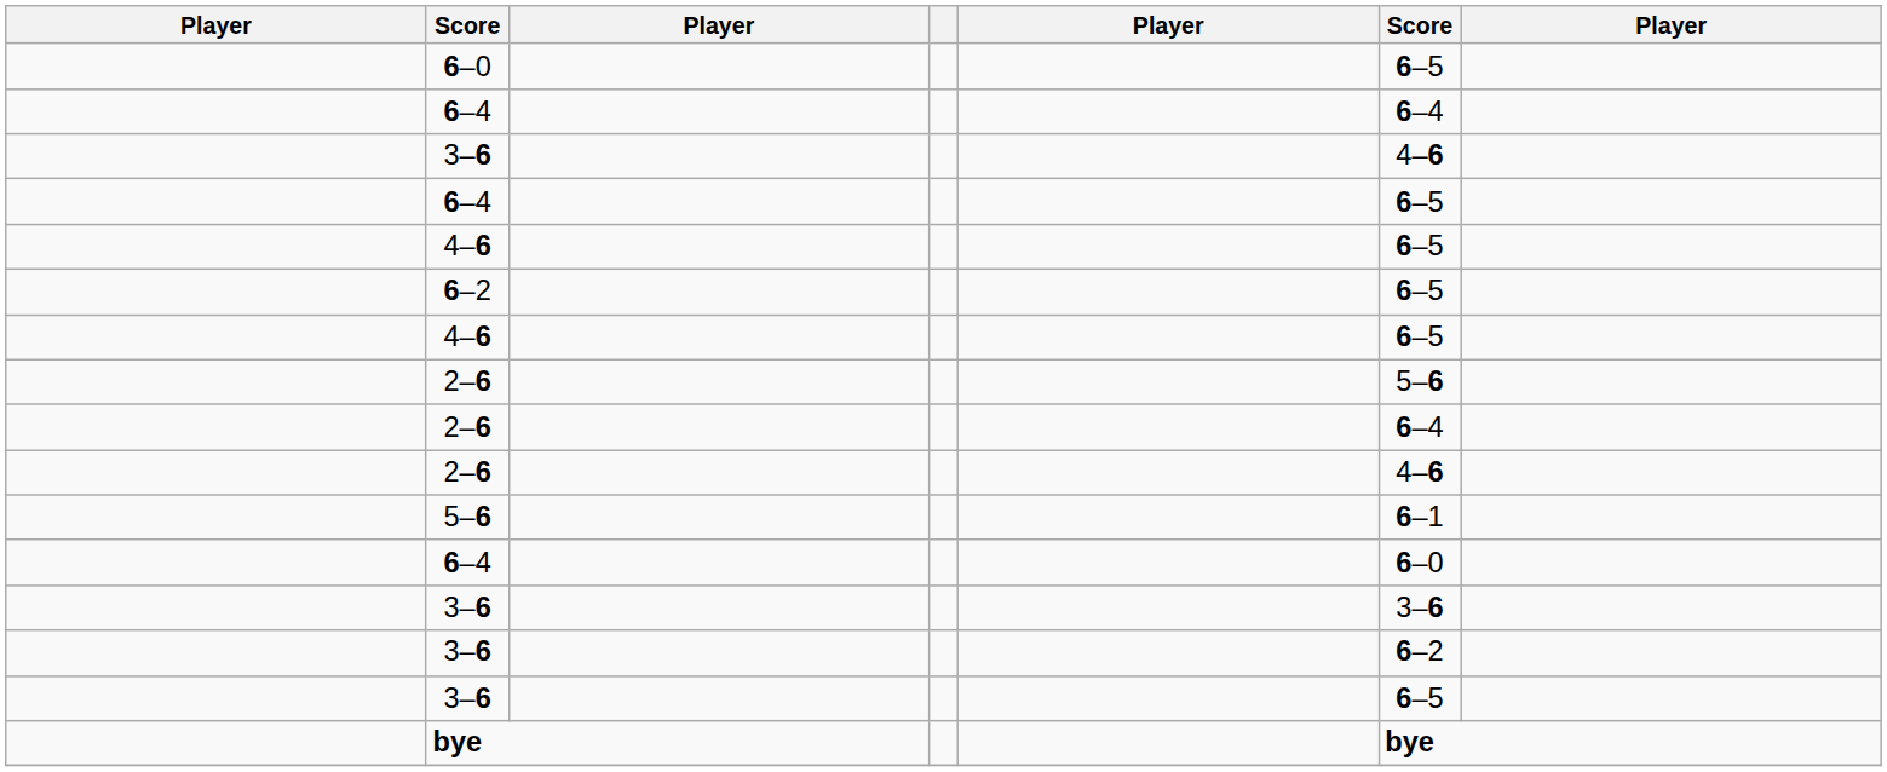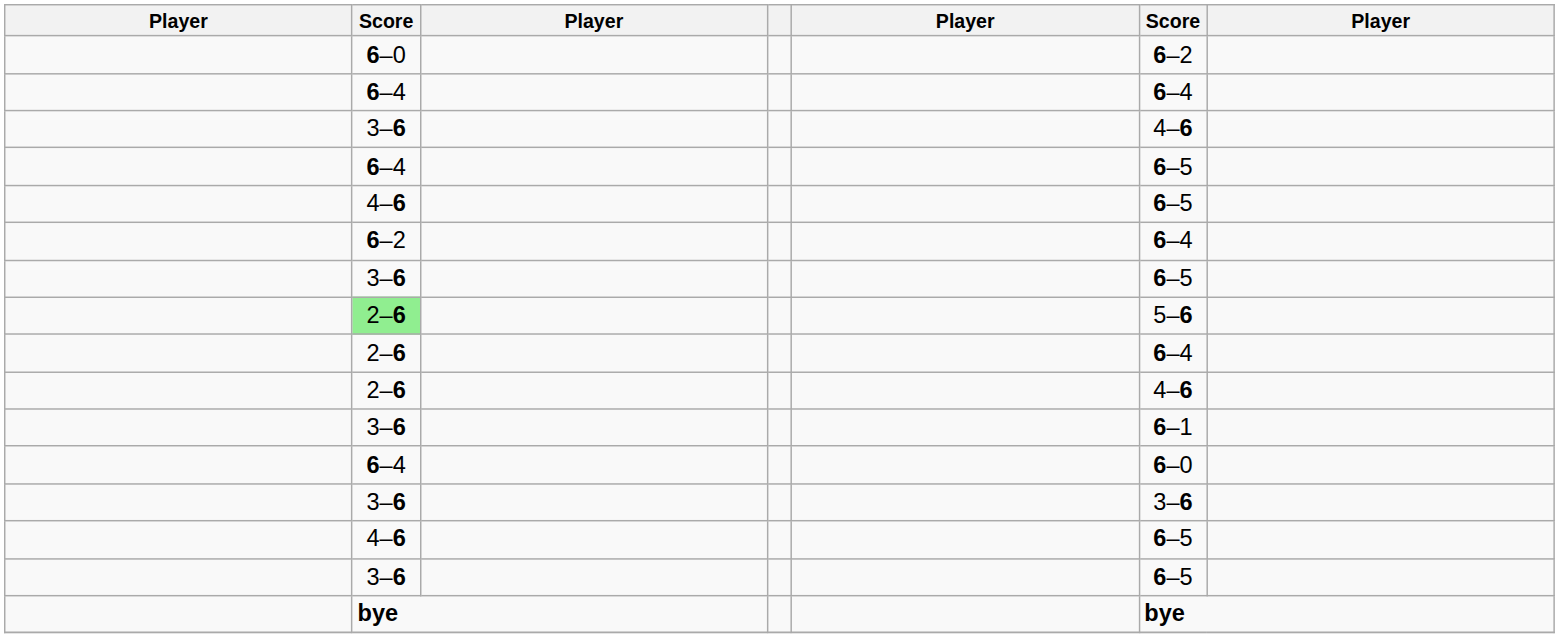 <table class="wikitable">
 <tr style="font-size:10pt;font-weight:bold">
 <th width=230>Player</th>
 <th width=40>Score</th>
 <th width=230>Player</th>
 <th width=10></th>
 <th width=230>Player</th>
 <th width=40>Score</th>
 <th width=230>Player</th>
 </tr>
 <tr>
 <td></td>
 <td align=center><strong>6</strong>–0</td>
 <td></td>
 <td></td>
 <td></td>
-<td align=center><strong>6</strong>–5</td>
+<td align=center><strong>6</strong>–2</td>
 <td></td>
 </tr>
 <tr>
 <td></td>
 <td align=center><strong>6</strong>–4</td>
 <td></td>
 <td></td>
 <td></td>
 <td align=center><strong>6</strong>–4</td>
 <td></td>
 </tr>
 <tr>
 <td></td>
 <td align=center>3–<strong>6</strong></td>
 <td></td>
 <td></td>
 <td></td>
 <td align=center>4–<strong>6</strong></td>
 <td></td>
 </tr>
 <tr>
 <td></td>
 <td align=center><strong>6</strong>–4</td>
 <td></td>
 <td></td>
 <td></td>
 <td align=center><strong>6</strong>–5</td>
 <td></td>
 </tr>
 <tr>
 <td></td>
 <td align=center>4–<strong>6</strong></td>
 <td></td>
 <td></td>
 <td></td>
 <td align=center><strong>6</strong>–5</td>
 <td></td>
 </tr>
 <tr>
 <td></td>
 <td align=center><strong>6</strong>–2</td>
 <td></td>
 <td></td>
 <td></td>
-<td align=center><strong>6</strong>–5</td>
+<td align=center><strong>6</strong>–4</td>
 <td></td>
 </tr>
 <tr>
 <td></td>
-<td align=center>4–<strong>6</strong></td>
+<td align=center>3–<strong>6</strong></td>
 <td></td>
 <td></td>
 <td></td>
 <td align=center><strong>6</strong>–5</td>
 <td></td>
 </tr>
 <tr>
 <td></td>
-<td align=center>2–<strong>6</strong></td>
+<td align=center style="background: lightgreen;">2–<strong>6</strong></td>
 <td></td>
 <td></td>
 <td></td>
 <td align=center>5–<strong>6</strong></td>
 <td></td>
 </tr>
 <tr>
 <td></td>
 <td align=center>2–<strong>6</strong></td>
 <td></td>
 <td></td>
 <td></td>
 <td align=center><strong>6</strong>–4</td>
 <td></td>
 </tr>
 <tr>
 <td></td>
 <td align=center>2–<strong>6</strong></td>
 <td></td>
 <td></td>
 <td></td>
 <td align=center>4–<strong>6</strong></td>
 <td></td>
 </tr>
 <tr>
 <td></td>
-<td align=center>5–<strong>6</strong></td>
+<td align=center>3–<strong>6</strong></td>
 <td></td>
 <td></td>
 <td></td>
 <td align=center><strong>6</strong>–1</td>
 <td></td>
 </tr>
 <tr>
 <td></td>
 <td align=center><strong>6</strong>–4</td>
 <td></td>
 <td></td>
 <td></td>
 <td align=center><strong>6</strong>–0</td>
 <td></td>
 </tr>
 <tr>
 <td></td>
 <td align=center>3–<strong>6</strong></td>
 <td></td>
 <td></td>
 <td></td>
 <td align=center>3–<strong>6</strong></td>
 <td></td>
 </tr>
 <tr>
 <td></td>
-<td align=center>3–<strong>6</strong></td>
+<td align=center>4–<strong>6</strong></td>
 <td></td>
 <td></td>
 <td></td>
-<td align=center><strong>6</strong>–2</td>
+<td align=center><strong>6</strong>–5</td>
 <td></td>
 </tr>
 <tr>
 <td></td>
 <td align=center>3–<strong>6</strong></td>
 <td></td>
 <td></td>
 <td></td>
 <td align=center><strong>6</strong>–5</td>
 <td></td>
 </tr>
 <tr>
 <td></td>
 <td Colspan=2><strong>bye</strong></td>
 <td></td>
 <td></td>
 <td Colspan=2><strong>bye</strong></td>
 </tr>
 <tr>
 </tr>
 </table>
